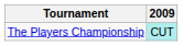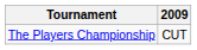 <table class="wikitable" style="font-size:95%;text-align:center;">
 <tr>
 <th>Tournament</th>
 <th>2009</th>
 </tr>
 <tr>
 <td align=left><a href='#'>The Players Championship</a></td>
-<td style="background: paleturquoise;">CUT</td>
+<td>CUT</td>
 </tr>
 </table>
